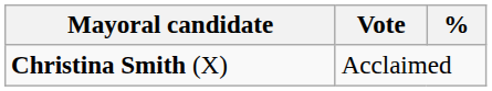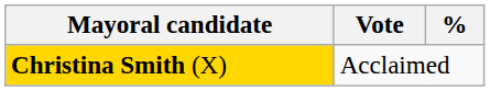 <table class="wikitable">
 <tr>
 <th bgcolor="#DDDDFF" width="200px">Mayoral candidate</th>
 <th bgcolor="#DDDDFF" width="50px">Vote</th>
 <th bgcolor="#DDDDFF" width="30px">%</th>
 </tr>
 <tr>
-<td><strong>Christina Smith</strong> (X)</td>
+<td style="background: gold;"><strong>Christina Smith</strong> (X)</td>
 <td colspan="2">Acclaimed</td>
 </tr>
 </table>
